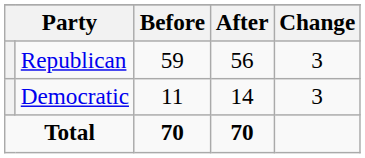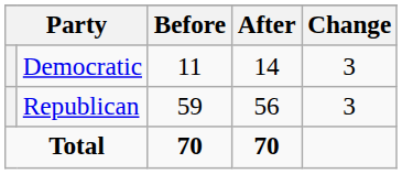 <table class="wikitable" style="text-align:center;">
 <tr>
 </tr>
 <tr>
 <th colspan=2>Party</th>
 <th>Before</th>
 <th>After</th>
 <th>Change</th>
 </tr>
 <tr>
 <th style="background-color:"></th>
-<td style="text-align:left;"><a href='#'>Republican</a></td>
-<td>59</td>
-<td>56</td>
+<td style="text-align:left;"><a href='#'>Democratic</a></td>
+<td>11</td>
+<td>14</td>
 <td> 3</td>
 </tr>
 <tr>
 <th style="background-color:"></th>
-<td style="text-align:left;"><a href='#'>Democratic</a></td>
-<td>11</td>
-<td>14</td>
+<td style="text-align:left;"><a href='#'>Republican</a></td>
+<td>59</td>
+<td>56</td>
 <td> 3</td>
 </tr>
 <tr>
 <td colspan=2><strong>Total</strong></td>
 <td><strong>70</strong></td>
 <td><strong>70</strong></td>
 <td></td>
 </tr>
 </table>
